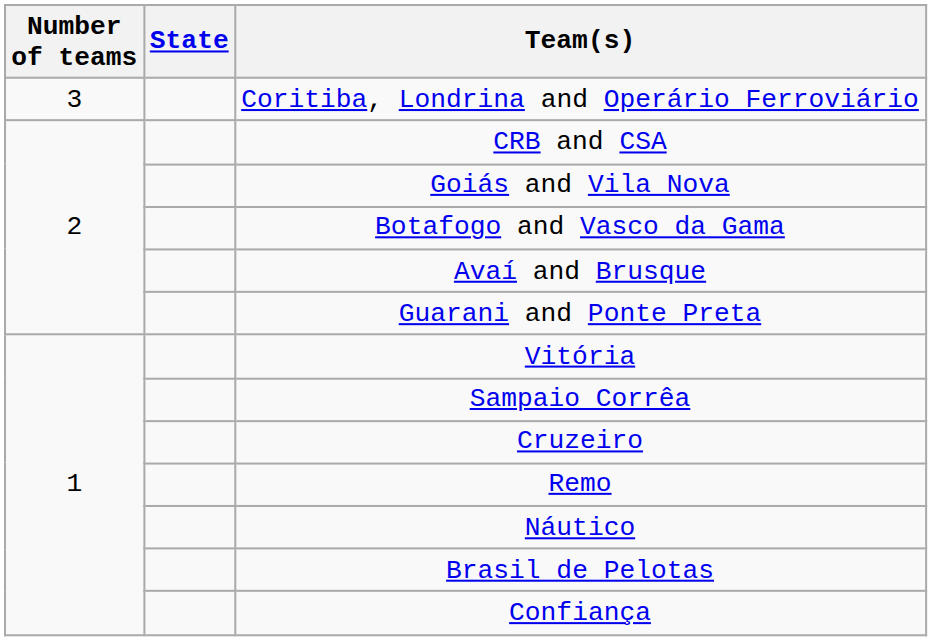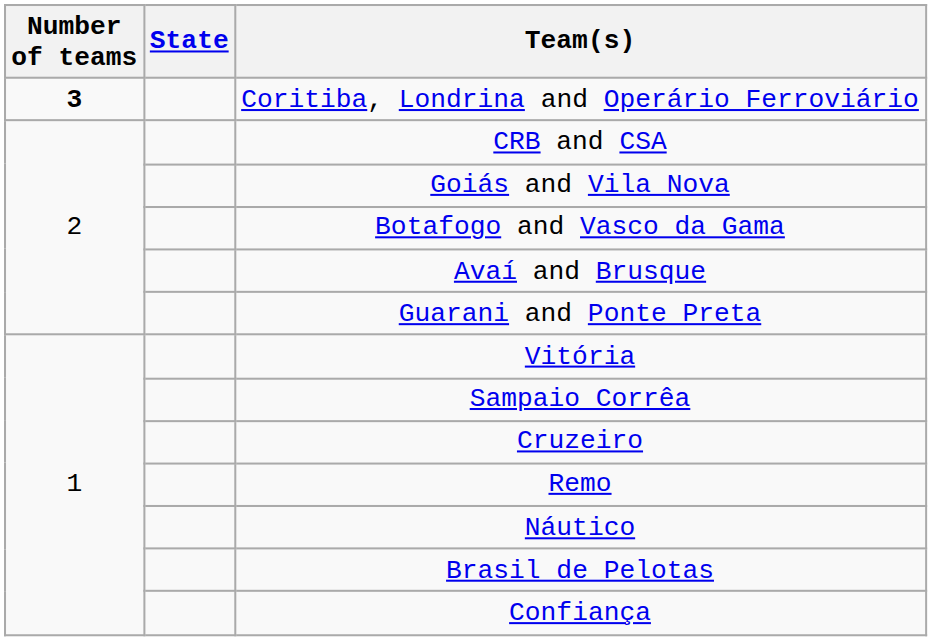 <table class="wikitable" style="text-align:center">
 <tr>
 <th>Number<br>of teams</th>
 <th><a href='#'>State</a></th>
 <th>Team(s)</th>
 </tr>
 <tr>
-<td>3</td>
+<td><strong>3</strong></td>
 <td align=left></td>
 <td><a href='#'>Coritiba</a>, <a href='#'>Londrina</a> and <a href='#'>Operário Ferroviário</a></td>
 </tr>
 <tr>
 <td rowspan=5>2</td>
 <td align=left></td>
 <td><a href='#'>CRB</a> and <a href='#'>CSA</a></td>
 </tr>
 <tr>
 <td align=left></td>
 <td><a href='#'>Goiás</a> and <a href='#'>Vila Nova</a></td>
 </tr>
 <tr>
 <td align=left></td>
 <td><a href='#'>Botafogo</a> and <a href='#'>Vasco da Gama</a></td>
 </tr>
 <tr>
 <td align=left></td>
 <td><a href='#'>Avaí</a> and <a href='#'>Brusque</a></td>
 </tr>
 <tr>
 <td align=left></td>
 <td><a href='#'>Guarani</a> and <a href='#'>Ponte Preta</a></td>
 </tr>
 <tr>
 <td rowspan=7>1</td>
 <td align=left></td>
 <td><a href='#'>Vitória</a></td>
 </tr>
 <tr>
 <td align=left></td>
 <td><a href='#'>Sampaio Corrêa</a></td>
 </tr>
 <tr>
 <td align=left></td>
 <td><a href='#'>Cruzeiro</a></td>
 </tr>
 <tr>
 <td align=left></td>
 <td><a href='#'>Remo</a></td>
 </tr>
 <tr>
 <td align=left></td>
 <td><a href='#'>Náutico</a></td>
 </tr>
 <tr>
 <td align=left></td>
 <td><a href='#'>Brasil de Pelotas</a></td>
 </tr>
 <tr>
 <td align=left></td>
 <td><a href='#'>Confiança</a></td>
 </tr>
 </table>
